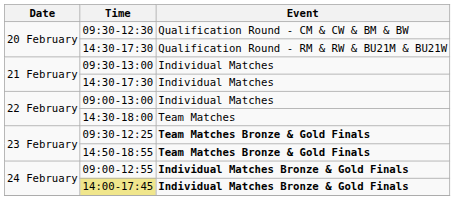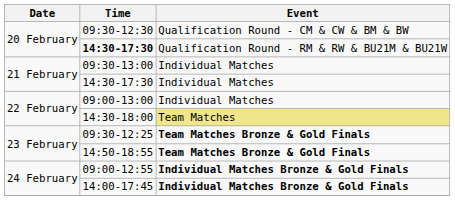 <table class=wikitable>
 <tr>
 <th>Date</th>
 <th>Time</th>
 <th>Event</th>
 </tr>
 <tr>
 <td rowspan="2">20 February</td>
 <td>09:30-12:30</td>
 <td>Qualification Round - CM & CW & BM & BW</td>
 </tr>
 <tr>
-<td>14:30-17:30</td>
+<td><strong>14:30-17:30</strong></td>
 <td>Qualification Round - RM & RW & BU21M & BU21W</td>
 </tr>
 <tr>
 <td rowspan="2">21 February</td>
 <td>09:30-13:00</td>
 <td>Individual Matches</td>
 </tr>
 <tr>
 <td>14:30-17:30</td>
 <td>Individual Matches</td>
 </tr>
 <tr>
 <td rowspan="2">22 February</td>
 <td>09:00-13:00</td>
 <td>Individual Matches</td>
 </tr>
 <tr>
 <td>14:30-18:00</td>
-<td>Team Matches</td>
+<td style="background: khaki;">Team Matches</td>
 </tr>
 <tr>
 <td rowspan="2">23 February</td>
 <td>09:30-12:25</td>
 <td><strong>Team Matches Bronze & Gold Finals</strong></td>
 </tr>
 <tr>
 <td>14:50-18:55</td>
 <td><strong>Team Matches Bronze & Gold Finals</strong></td>
 </tr>
 <tr>
 <td rowspan="2">24 February</td>
 <td>09:00-12:55</td>
 <td><strong>Individual Matches Bronze & Gold Finals</strong></td>
 </tr>
 <tr>
-<td style="background: khaki;">14:00-17:45</td>
+<td>14:00-17:45</td>
 <td><strong>Individual Matches Bronze & Gold Finals</strong></td>
 </tr>
 <tr>
 </tr>
 </table>
